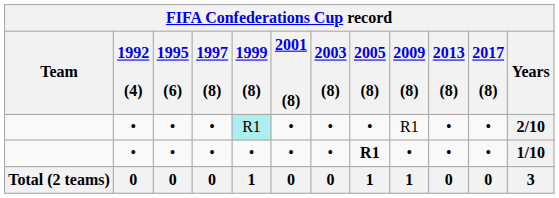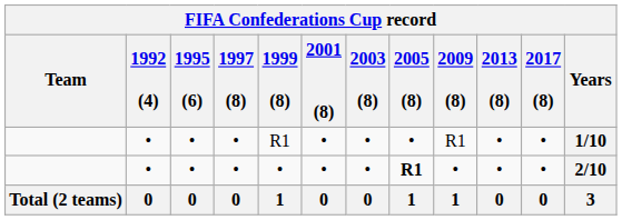 <table class="wikitable" style="text-align:center; font-size:90%">
 <tr>
 <th colspan=12><a href='#'>FIFA Confederations Cup</a> record</th>
 </tr>
 <tr>
 <th>Team</th>
 <th><a href='#'>1992</a><br><br>(4)</th>
 <th><a href='#'>1995</a><br><br>(6)</th>
 <th><a href='#'>1997</a><br><br>(8)</th>
 <th><a href='#'>1999</a><br><br>(8)</th>
 <th><a href='#'>2001</a><br><br><br>(8)</th>
 <th><a href='#'>2003</a><br><br>(8)</th>
 <th><a href='#'>2005</a><br><br>(8)</th>
 <th><a href='#'>2009</a><br><br>(8)</th>
 <th><a href='#'>2013</a><br><br>(8)</th>
 <th><a href='#'>2017</a><br><br>(8)</th>
 <th>Years</th>
 </tr>
 <tr>
 <td align=left></td>
 <td>•</td>
 <td>•</td>
 <td>•</td>
-<td style="background: paleturquoise;">R1<br></td>
+<td>R1<br></td>
 <td>•</td>
 <td>•</td>
 <td>•</td>
 <td>R1<br></td>
 <td>•</td>
 <td>•</td>
-<th>2/10</th>
+<th>1/10</th>
 </tr>
 <tr>
 <td align=left></td>
 <td>•</td>
 <td>•</td>
 <td>•</td>
 <td>•</td>
 <td>•</td>
 <td>•</td>
 <td><strong>R1<br></strong></td>
 <td>•</td>
 <td>•</td>
 <td>•</td>
-<th>1/10</th>
+<th>2/10</th>
 </tr>
 <tr>
 <th>Total (2 teams)</th>
 <th>0</th>
 <th>0</th>
 <th>0</th>
 <th>1</th>
 <th>0</th>
 <th>0</th>
 <th>1</th>
 <th>1</th>
 <th>0</th>
 <th>0</th>
 <th>3</th>
 </tr>
 </table>
